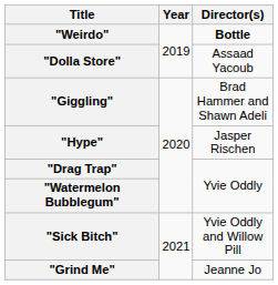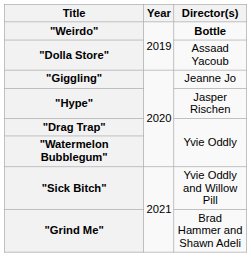 <table class="wikitable plainrowheaders sortable" style="text-align:center;">
 <tr>
 <th scope="col"  style="width:12em;">Title</th>
 <th scope="col"  style="width:2em;">Year</th>
 <th scope="col"  style="width:6em;">Director(s)</th>
 </tr>
 <tr>
 <th scope="row">"Weirdo"<br></th>
 <td rowspan="2">2019</td>
 <td><strong>Bottle</strong></td>
 </tr>
 <tr>
 <th scope="row">"Dolla Store"</th>
 <td>Assaad Yacoub</td>
 </tr>
 <tr>
 <th scope="row">"Giggling"</th>
 <td rowspan="4">2020</td>
-<td>Brad Hammer and Shawn Adeli</td>
+<td>Jeanne Jo</td>
 </tr>
 <tr>
 <th scope="row">"Hype"<br></th>
 <td>Jasper Rischen</td>
 </tr>
 <tr>
 <th scope="row">"Drag Trap"<br></th>
 <td rowspan="2">Yvie Oddly</td>
 </tr>
 <tr>
 <th scope="row">"Watermelon Bubblegum"</th>
 </tr>
 <tr>
 <th scope="row">"Sick Bitch"<br></th>
 <td rowspan="2">2021</td>
 <td>Yvie Oddly and Willow Pill</td>
 </tr>
 <tr>
 <th scope="row">"Grind Me"</th>
-<td>Jeanne Jo</td>
+<td>Brad Hammer and Shawn Adeli</td>
 </tr>
 </table>
